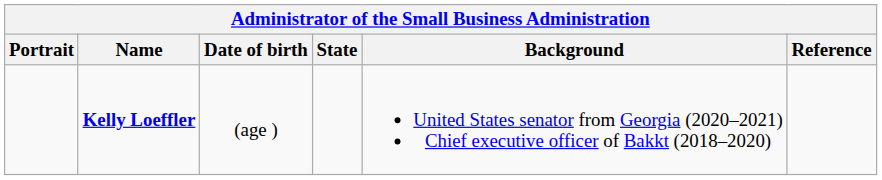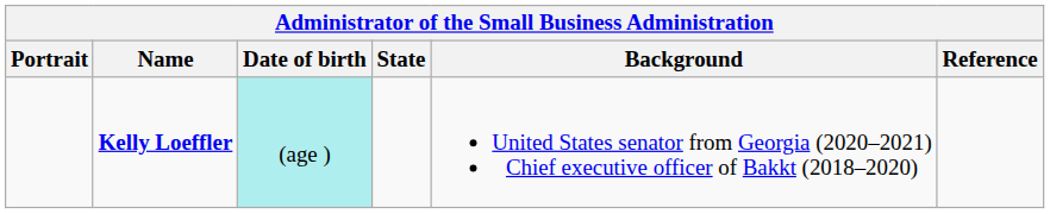 <table class="wikitable collapsible" style="text-align:center;">
 <tr>
 <th colspan="6"><a href='#'>Administrator of the Small Business Administration</a></th>
 </tr>
 <tr>
 <th>Portrait</th>
 <th>Name</th>
 <th>Date of birth</th>
 <th>State</th>
 <th>Background</th>
 <th>Reference</th>
 </tr>
 <tr>
 <td></td>
 <td><strong><a href='#'>Kelly Loeffler</a></strong></td>
-<td><br>(age )</td>
+<td style="background: paleturquoise;"><br>(age )</td>
 <td></td>
 <td><br><ul><li><a href='#'>United States senator</a> from <a href='#'>Georgia</a> (2020–2021)</li><li><a href='#'>Chief executive officer</a> of <a href='#'>Bakkt</a> (2018–2020)</li></ul></td>
 <td></td>
 </tr>
 </table>
